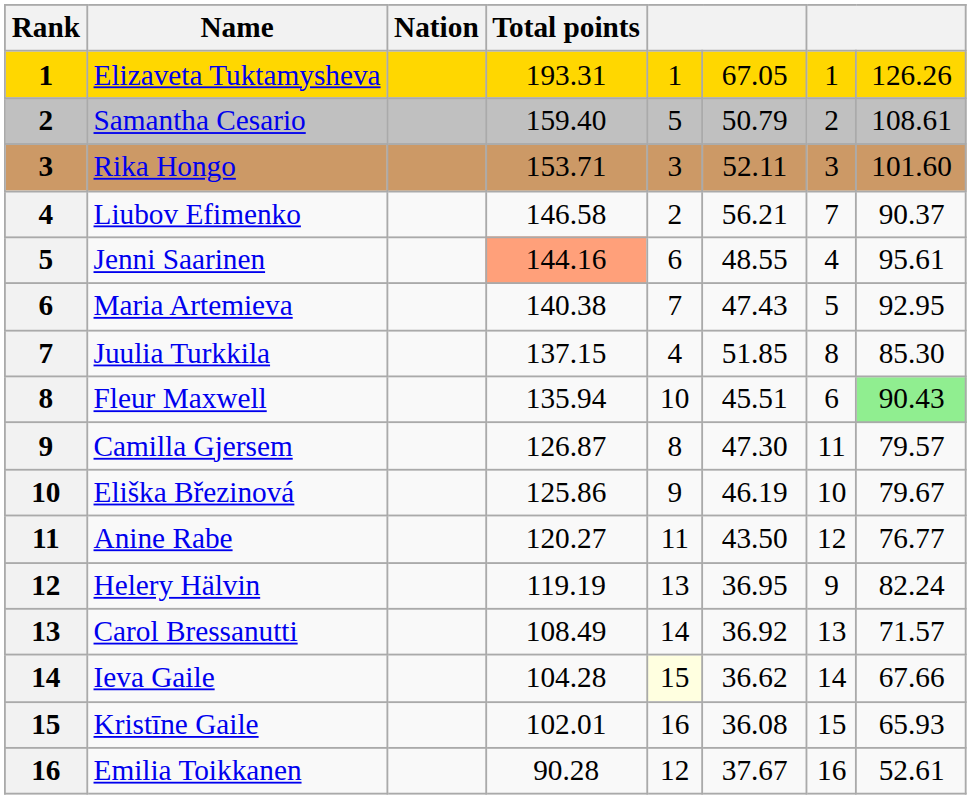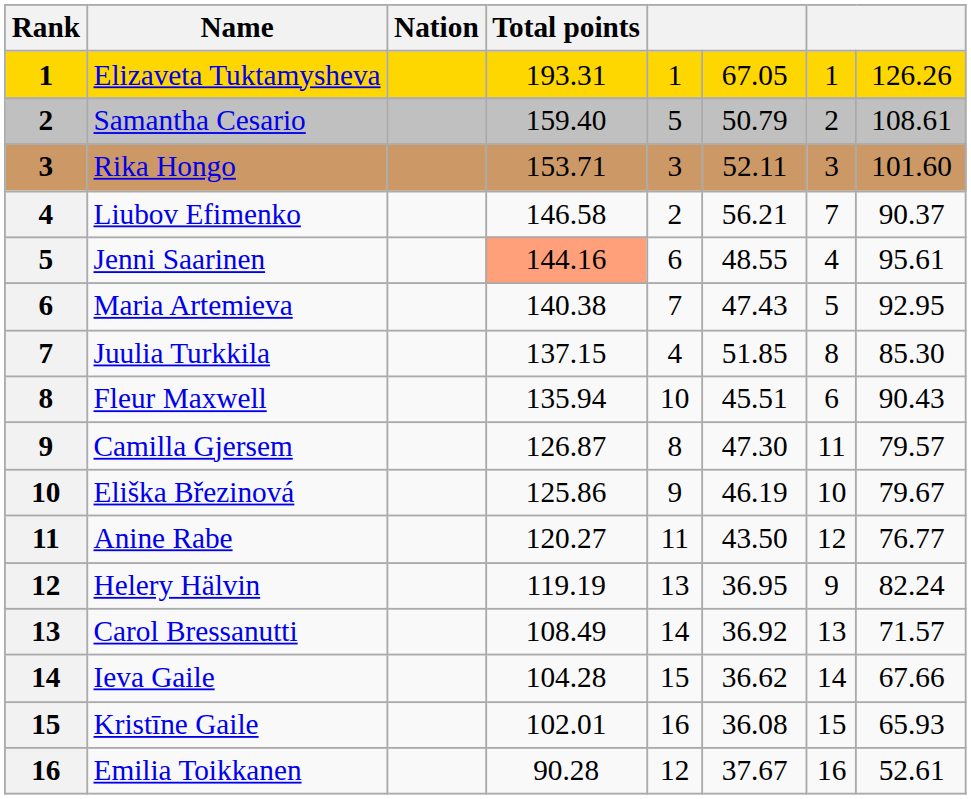 <table class="wikitable sortable">
 <tr>
 <th>Rank</th>
 <th>Name</th>
 <th>Nation</th>
 <th>Total points</th>
 <th colspan="2" width="80px"></th>
 <th colspan="2" width="80px"></th>
 </tr>
 <tr bgcolor="gold">
 <td align="center"><strong>1</strong></td>
 <td><a href='#'>Elizaveta Tuktamysheva</a></td>
 <td></td>
 <td align="center">193.31</td>
 <td align="center">1</td>
 <td align="center">67.05</td>
 <td align="center">1</td>
 <td align="center">126.26</td>
 </tr>
 <tr bgcolor="silver">
 <td align="center"><strong>2</strong></td>
 <td><a href='#'>Samantha Cesario</a></td>
 <td></td>
 <td align="center">159.40</td>
 <td align="center">5</td>
 <td align="center">50.79</td>
 <td align="center">2</td>
 <td align="center">108.61</td>
 </tr>
 <tr bgcolor="cc9966">
 <td align="center"><strong>3</strong></td>
 <td><a href='#'>Rika Hongo</a></td>
 <td></td>
 <td align="center">153.71</td>
 <td align="center">3</td>
 <td align="center">52.11</td>
 <td align="center">3</td>
 <td align="center">101.60</td>
 </tr>
 <tr>
 <th>4</th>
 <td><a href='#'>Liubov Efimenko</a></td>
 <td></td>
 <td align="center">146.58</td>
 <td align="center">2</td>
 <td align="center">56.21</td>
 <td align="center">7</td>
 <td align="center">90.37</td>
 </tr>
 <tr>
 <th>5</th>
 <td><a href='#'>Jenni Saarinen</a></td>
 <td></td>
 <td align="center" style="background: lightsalmon;">144.16</td>
 <td align="center">6</td>
 <td align="center">48.55</td>
 <td align="center">4</td>
 <td align="center">95.61</td>
 </tr>
 <tr>
 <th>6</th>
 <td><a href='#'>Maria Artemieva</a></td>
 <td></td>
 <td align="center">140.38</td>
 <td align="center">7</td>
 <td align="center">47.43</td>
 <td align="center">5</td>
 <td align="center">92.95</td>
 </tr>
 <tr>
 <th>7</th>
 <td><a href='#'>Juulia Turkkila</a></td>
 <td></td>
 <td align="center">137.15</td>
 <td align="center">4</td>
 <td align="center">51.85</td>
 <td align="center">8</td>
 <td align="center">85.30</td>
 </tr>
 <tr>
 <th>8</th>
 <td><a href='#'>Fleur Maxwell</a></td>
 <td></td>
 <td align="center">135.94</td>
 <td align="center">10</td>
 <td align="center">45.51</td>
 <td align="center">6</td>
-<td align="center" style="background: lightgreen;">90.43</td>
+<td align="center">90.43</td>
 </tr>
 <tr>
 <th>9</th>
 <td><a href='#'>Camilla Gjersem</a></td>
 <td></td>
 <td align="center">126.87</td>
 <td align="center">8</td>
 <td align="center">47.30</td>
 <td align="center">11</td>
 <td align="center">79.57</td>
 </tr>
 <tr>
 <th>10</th>
 <td><a href='#'>Eliška Březinová</a></td>
 <td></td>
 <td align="center">125.86</td>
 <td align="center">9</td>
 <td align="center">46.19</td>
 <td align="center">10</td>
 <td align="center">79.67</td>
 </tr>
 <tr>
 <th>11</th>
 <td><a href='#'>Anine Rabe</a></td>
 <td></td>
 <td align="center">120.27</td>
 <td align="center">11</td>
 <td align="center">43.50</td>
 <td align="center">12</td>
 <td align="center">76.77</td>
 </tr>
 <tr>
 <th>12</th>
 <td><a href='#'>Helery Hälvin</a></td>
 <td></td>
 <td align="center">119.19</td>
 <td align="center">13</td>
 <td align="center">36.95</td>
 <td align="center">9</td>
 <td align="center">82.24</td>
 </tr>
 <tr>
 <th>13</th>
 <td><a href='#'>Carol Bressanutti</a></td>
 <td></td>
 <td align="center">108.49</td>
 <td align="center">14</td>
 <td align="center">36.92</td>
 <td align="center">13</td>
 <td align="center">71.57</td>
 </tr>
 <tr>
 <th>14</th>
 <td><a href='#'>Ieva Gaile</a></td>
 <td></td>
 <td align="center">104.28</td>
-<td align="center" style="background: lightyellow;">15</td>
+<td align="center">15</td>
 <td align="center">36.62</td>
 <td align="center">14</td>
 <td align="center">67.66</td>
 </tr>
 <tr>
 <th>15</th>
 <td><a href='#'>Kristīne Gaile</a></td>
 <td></td>
 <td align="center">102.01</td>
 <td align="center">16</td>
 <td align="center">36.08</td>
 <td align="center">15</td>
 <td align="center">65.93</td>
 </tr>
 <tr>
 <th>16</th>
 <td><a href='#'>Emilia Toikkanen</a></td>
 <td></td>
 <td align="center">90.28</td>
 <td align="center">12</td>
 <td align="center">37.67</td>
 <td align="center">16</td>
 <td align="center">52.61</td>
 </tr>
 </table>
